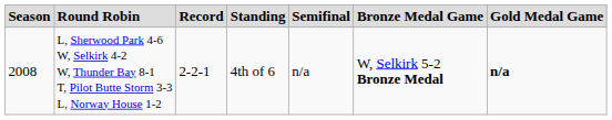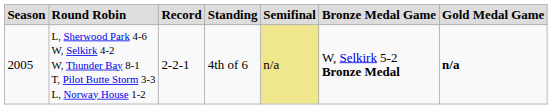 <table class="wikitable">
 <tr style="font-weight:bold; background-color:#dddddd;" |>
 <td>Season</td>
 <td>Round Robin</td>
 <td>Record</td>
 <td>Standing</td>
 <td>Semifinal</td>
 <td>Bronze Medal Game</td>
 <td>Gold Medal Game</td>
 </tr>
 <tr>
-<td>2008</td>
+<td>2005</td>
 <td><small>L, <a href='#'>Sherwood Park</a> 4-6<br>W, <a href='#'>Selkirk</a> 4-2<br>W, <a href='#'>Thunder Bay</a> 8-1<br>T, <a href='#'>Pilot Butte Storm</a> 3-3<br>L, <a href='#'>Norway House</a> 1-2</small></td>
 <td>2-2-1</td>
 <td>4th of 6</td>
-<td>n/a</td>
+<td style="background: khaki;">n/a</td>
 <td>W, <a href='#'>Selkirk</a> 5-2<br><strong>Bronze Medal</strong></td>
 <td><strong>n/a</strong></td>
 </tr>
 </table>
